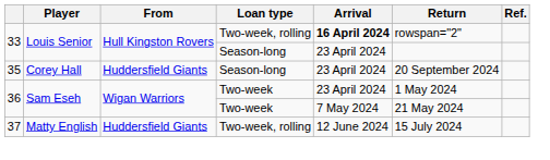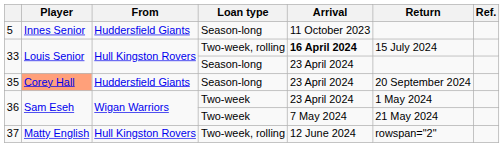 <table class="wikitable defaultleft col1center">
 <tr>
 <th></th>
 <th>Player</th>
 <th>From</th>
 <th>Loan type</th>
 <th>Arrival</th>
 <th>Return</th>
 <th>Ref.</th>
 </tr>
 <tr>
+<td>5</td>
+<td> <a href='#'>Innes Senior</a></td>
+<td> <a href='#'>Huddersfield Giants</a></td>
+<td>Season-long</td>
+<td>11 October 2023</td>
+<td></td>
+<td></td>
+</tr>
+<tr>
 <td rowspan="2">33</td>
 <td rowspan="2"> <a href='#'>Louis Senior</a></td>
 <td rowspan="2"> <a href='#'>Hull Kingston Rovers</a></td>
 <td>Two-week, rolling</td>
 <td><strong>16 April 2024</strong></td>
-<td>rowspan="2"  </td>
+<td>15 July 2024</td>
 <td></td>
 </tr>
 <tr>
 <td style="text-align:left;">Season-long</td>
 <td>23 April 2024</td>
 <td></td>
 </tr>
 <tr>
 <td>35</td>
-<td> <a href='#'>Corey Hall</a></td>
+<td style="background: lightsalmon;"> <a href='#'>Corey Hall</a></td>
 <td> <a href='#'>Huddersfield Giants</a></td>
 <td>Season-long</td>
 <td>23 April 2024</td>
 <td>20 September 2024</td>
 <td></td>
 </tr>
 <tr>
 <td rowspan="2">36</td>
 <td rowspan="2"> <a href='#'>Sam Eseh</a></td>
 <td rowspan="2"> <a href='#'>Wigan Warriors</a></td>
 <td>Two-week</td>
 <td>23 April 2024</td>
 <td>1 May 2024</td>
 <td></td>
 </tr>
 <tr>
 <td style="text-align:left;">Two-week</td>
 <td>7 May 2024</td>
 <td>21 May 2024</td>
 <td></td>
 </tr>
 <tr>
 <td>37</td>
 <td> <a href='#'>Matty English</a></td>
-<td> <a href='#'>Huddersfield Giants</a></td>
+<td> <a href='#'>Hull Kingston Rovers</a></td>
 <td>Two-week, rolling</td>
 <td>12 June 2024</td>
-<td>15 July 2024</td>
+<td>rowspan="2"  </td>
 <td></td>
 </tr>
 </table>
